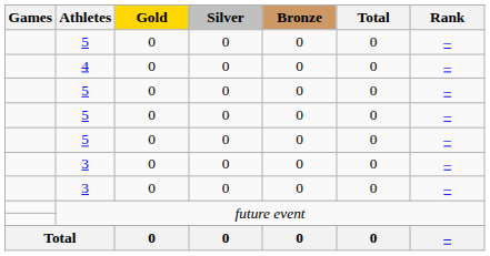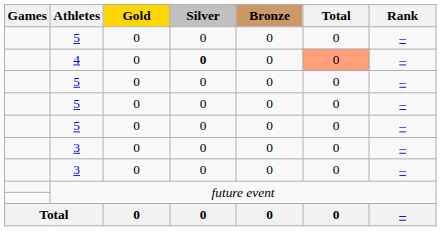 <table class="wikitable" style="text-align:center; font-size:90%;">
 <tr bgcolor="#efefef">
 <th>Games</th>
 <th>Athletes</th>
 <td style="background:gold; width:4.5em; font-weight:bold;">Gold</td>
 <td style="background:silver; width:4.5em; font-weight:bold;">Silver</td>
 <td style="background:#cc9966; width:4.5em; font-weight:bold;">Bronze</td>
 <th style="width:4.5em; font-weight:bold;">Total</th>
 <th style="width:4.5em; font-weight:bold;">Rank</th>
 </tr>
 <tr>
 <td align=left></td>
 <td><a href='#'>5</a></td>
 <td>0</td>
 <td>0</td>
 <td>0</td>
 <td>0</td>
 <td><a href='#'>–</a></td>
 </tr>
 <tr>
 <td align=left></td>
 <td><a href='#'>4</a></td>
 <td>0</td>
+<td><strong>0</strong></td>
 <td>0</td>
-<td>0</td>
-<td>0</td>
+<td style="background: lightsalmon;">0</td>
 <td><a href='#'>–</a></td>
 </tr>
 <tr>
 <td align=left></td>
 <td><a href='#'>5</a></td>
 <td>0</td>
 <td>0</td>
 <td>0</td>
 <td>0</td>
 <td><a href='#'>–</a></td>
 </tr>
 <tr>
 <td align=left></td>
 <td><a href='#'>5</a></td>
 <td>0</td>
 <td>0</td>
 <td>0</td>
 <td>0</td>
 <td><a href='#'>–</a></td>
 </tr>
 <tr>
 <td align=left></td>
 <td><a href='#'>5</a></td>
 <td>0</td>
 <td>0</td>
 <td>0</td>
 <td>0</td>
 <td><a href='#'>–</a></td>
 </tr>
 <tr>
 <td align=left></td>
 <td><a href='#'>3</a></td>
 <td>0</td>
 <td>0</td>
 <td>0</td>
 <td>0</td>
 <td><a href='#'>–</a></td>
 </tr>
 <tr>
 <td align=left></td>
 <td><a href='#'>3</a></td>
 <td>0</td>
 <td>0</td>
 <td>0</td>
 <td>0</td>
 <td><a href='#'>–</a></td>
 </tr>
 <tr>
 <td align=left></td>
 <td colspan=6; rowspan=2><em>future event</em></td>
 </tr>
 <tr>
 <td align=left></td>
 </tr>
 <tr>
 <th colspan=2>Total</th>
 <th>0</th>
 <th>0</th>
 <th>0</th>
 <th>0</th>
 <th><a href='#'>–</a></th>
 </tr>
 </table>
